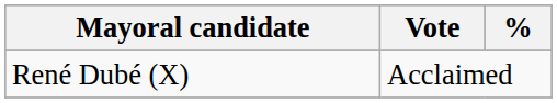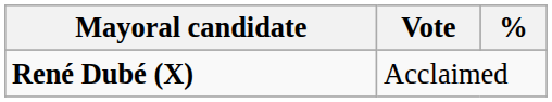 <table class="wikitable">
 <tr>
 <th bgcolor="#DDDDFF" width="200px">Mayoral candidate</th>
 <th bgcolor="#DDDDFF" width="50px">Vote</th>
 <th bgcolor="#DDDDFF"  width="30px">%</th>
 </tr>
 <tr>
-<td>René Dubé (X)</td>
+<td><strong>René Dubé (X)</strong></td>
 <td colspan="2">Acclaimed</td>
 </tr>
 </table>
